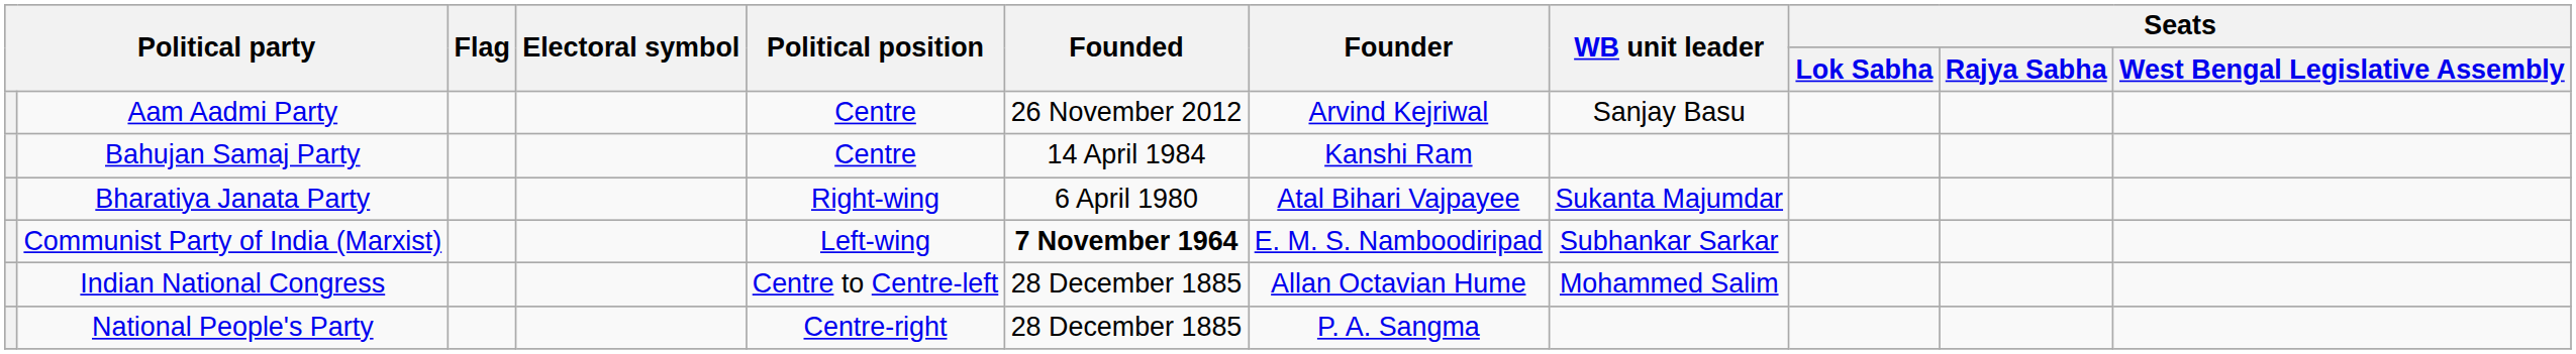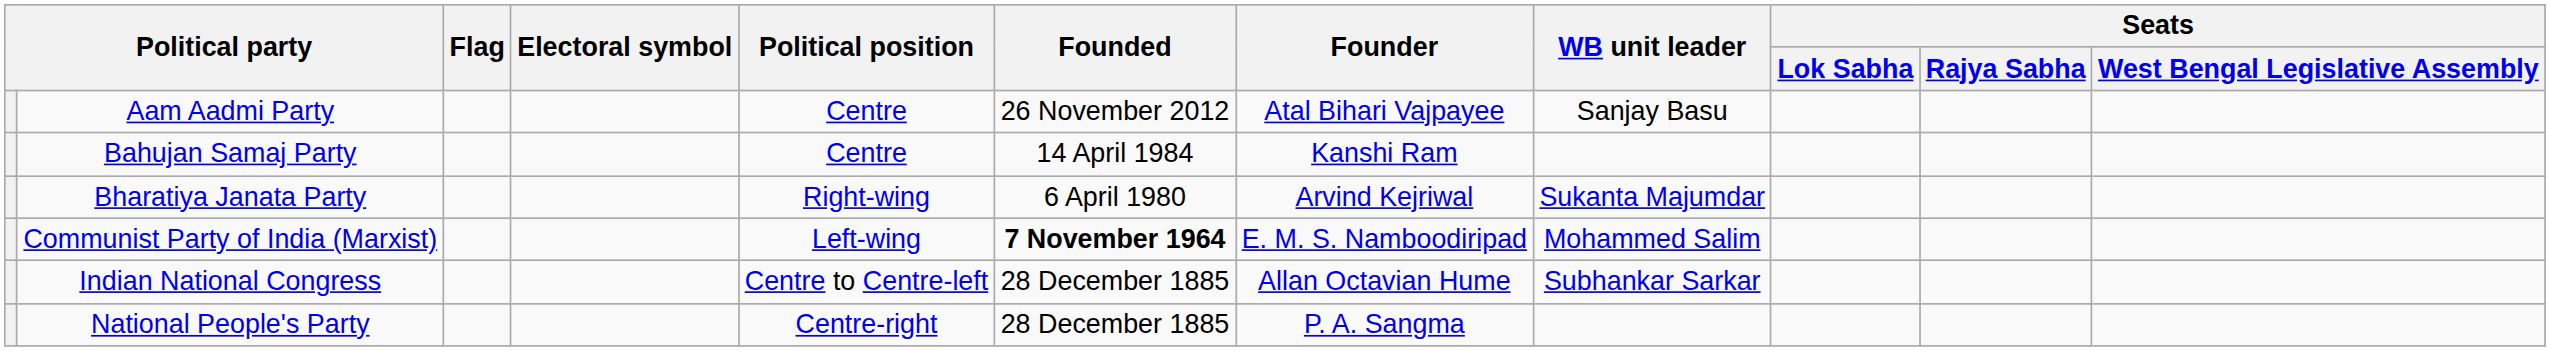 <table class="wikitable sortable" style="text-align:center;">
 <tr>
 <th colspan=2 rowspan=2>Political party</th>
 <th rowspan=2>Flag</th>
 <th rowspan=2>Electoral symbol</th>
 <th rowspan=2>Political position</th>
 <th rowspan=2>Founded</th>
 <th rowspan=2>Founder</th>
 <th rowspan=2><a href='#'>WB</a> unit leader</th>
 <th colspan=4>Seats</th>
 </tr>
 <tr>
 <th><a href='#'>Lok Sabha</a></th>
 <th><a href='#'>Rajya Sabha</a></th>
 <th><a href='#'>West Bengal Legislative Assembly</a></th>
 </tr>
 <tr>
 <th style="background-color:"></th>
 <td><a href='#'>Aam Aadmi Party</a></td>
 <td></td>
 <td></td>
 <td><a href='#'>Centre</a></td>
 <td>26 November 2012</td>
-<td><a href='#'>Arvind Kejriwal</a></td>
+<td><a href='#'>Atal Bihari Vajpayee</a></td>
 <td>Sanjay Basu</td>
 <td></td>
 <td></td>
 <td></td>
 </tr>
 <tr>
 <th style="background-color:"></th>
 <td><a href='#'>Bahujan Samaj Party</a></td>
 <td></td>
 <td></td>
 <td><a href='#'>Centre</a></td>
 <td>14 April 1984</td>
 <td><a href='#'>Kanshi Ram</a></td>
 <td></td>
 <td></td>
 <td></td>
 <td></td>
 </tr>
 <tr>
 <th style="background-color:"></th>
 <td><a href='#'>Bharatiya Janata Party</a></td>
 <td></td>
 <td></td>
 <td><a href='#'>Right-wing</a></td>
 <td>6 April 1980</td>
-<td><a href='#'>Atal Bihari Vajpayee</a></td>
+<td><a href='#'>Arvind Kejriwal</a></td>
 <td><a href='#'>Sukanta Majumdar</a></td>
 <td></td>
 <td></td>
 <td></td>
 </tr>
 <tr>
 <th style="background-color:"></th>
 <td><a href='#'>Communist Party of India (Marxist)</a></td>
 <td></td>
 <td></td>
 <td><a href='#'>Left-wing</a></td>
 <td><strong>7 November 1964</strong></td>
 <td><a href='#'>E. M. S. Namboodiripad</a></td>
-<td><a href='#'>Subhankar Sarkar</a></td>
+<td><a href='#'>Mohammed Salim</a></td>
 <td></td>
 <td></td>
 <td></td>
 </tr>
 <tr>
 <th style="background-color:"></th>
 <td><a href='#'>Indian National Congress</a></td>
 <td></td>
 <td></td>
 <td><a href='#'>Centre</a> to <a href='#'>Centre-left</a></td>
 <td>28 December 1885</td>
 <td><a href='#'>Allan Octavian Hume</a></td>
-<td><a href='#'>Mohammed Salim</a></td>
+<td><a href='#'>Subhankar Sarkar</a></td>
 <td></td>
 <td></td>
 <td></td>
 </tr>
 <tr>
 <th style="background-color:"></th>
 <td><a href='#'>National People's Party</a></td>
 <td></td>
 <td></td>
 <td><a href='#'>Centre-right</a></td>
 <td>28 December 1885</td>
 <td><a href='#'>P. A. Sangma</a></td>
 <td></td>
 <td></td>
 <td></td>
 <td></td>
 </tr>
 </table>
